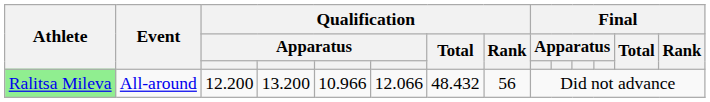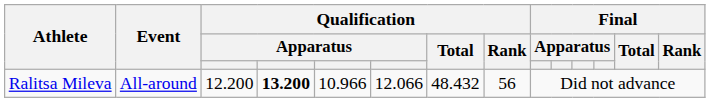 <table class="wikitable" style="font-size:90%">
 <tr>
 <th rowspan=3>Athlete</th>
 <th rowspan=3>Event</th>
 <th colspan =6>Qualification</th>
 <th colspan =6>Final</th>
 </tr>
 <tr style="font-size:95%">
 <th colspan=4>Apparatus</th>
 <th rowspan=2>Total</th>
 <th rowspan=2>Rank</th>
 <th colspan=4>Apparatus</th>
 <th rowspan=2>Total</th>
 <th rowspan=2>Rank</th>
 </tr>
 <tr style="font-size:95%">
 <th></th>
 <th></th>
 <th></th>
 <th></th>
 <th></th>
 <th></th>
 <th></th>
 <th></th>
 </tr>
 <tr align=center>
-<td align=left style="background: lightgreen;"><a href='#'>Ralitsa Mileva</a></td>
+<td align=left><a href='#'>Ralitsa Mileva</a></td>
 <td align=left><a href='#'>All-around</a></td>
 <td>12.200</td>
-<td>13.200</td>
+<td><strong>13.200</strong></td>
 <td>10.966</td>
 <td>12.066</td>
 <td>48.432</td>
 <td>56</td>
 <td colspan=6>Did not advance</td>
 </tr>
 </table>
